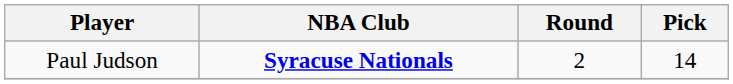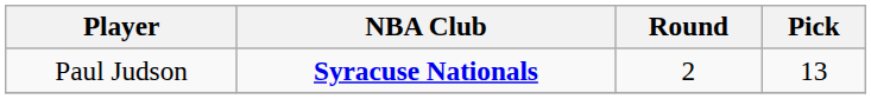 <table class="wikitable" width="500">
 <tr>
 <th>Player</th>
 <th>NBA Club</th>
 <th>Round</th>
 <th>Pick</th>
 </tr>
 <tr align="center" bgcolor="">
 <td>Paul Judson</td>
 <td><strong><a href='#'>Syracuse Nationals</a></strong></td>
 <td>2</td>
-<td>14</td>
+<td>13</td>
 </tr>
 <tr align="center" bgcolor="">
 </tr>
 </table>
